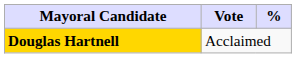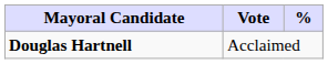 <table class="wikitable">
 <tr>
 <th style="background:#ddf; width:200px;">Mayoral Candidate</th>
 <th style="background:#ddf; width:50px;">Vote</th>
 <th style="background:#ddf; width:30px;">%</th>
 </tr>
 <tr>
-<td style="background: gold;"><strong>Douglas Hartnell</strong></td>
+<td><strong>Douglas Hartnell</strong></td>
 <td colspan="2">Acclaimed</td>
 </tr>
 </table>
